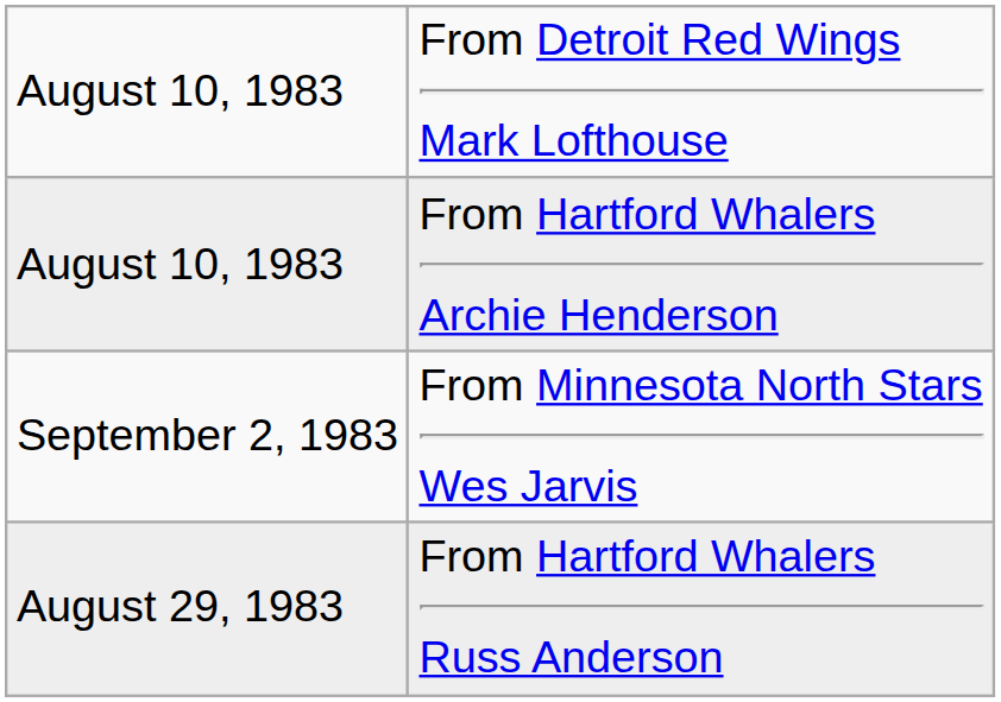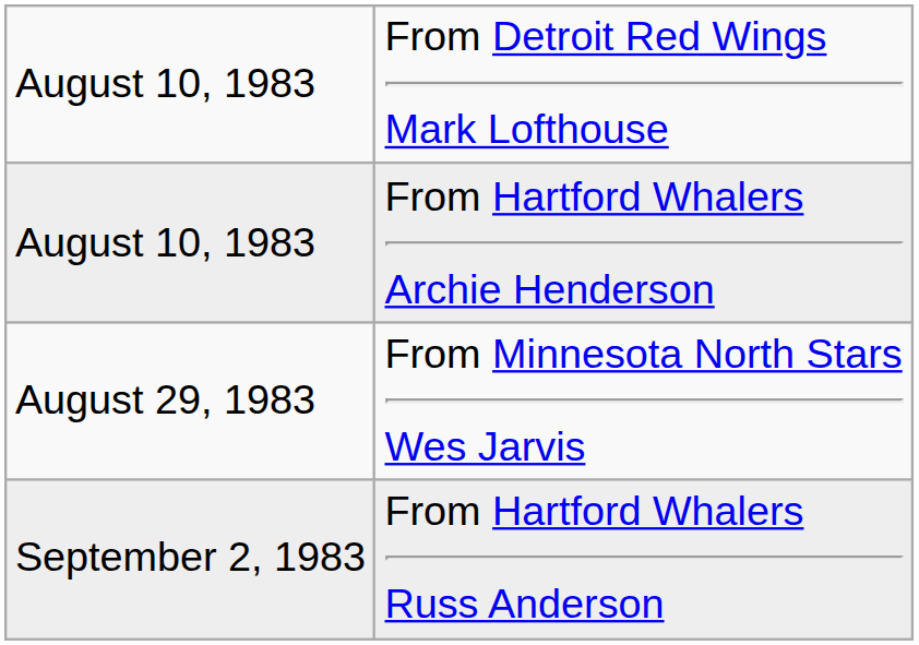 <table class="wikitable">
 <tr>
 <td>August 10, 1983</td>
 <td valign="top">From <a href='#'>Detroit Red Wings</a><hr><a href='#'>Mark Lofthouse</a></td>
 </tr>
 <tr style="background:#eee;">
 <td>August 10, 1983</td>
 <td valign="top">From <a href='#'>Hartford Whalers</a><hr><a href='#'>Archie Henderson</a></td>
 </tr>
 <tr>
-<td>September 2, 1983</td>
+<td>August 29, 1983</td>
 <td valign="top">From <a href='#'>Minnesota North Stars</a><hr><a href='#'>Wes Jarvis</a></td>
 </tr>
 <tr style="background:#eee;">
-<td>August 29, 1983</td>
+<td>September 2, 1983</td>
 <td valign="top">From <a href='#'>Hartford Whalers</a><hr><a href='#'>Russ Anderson</a></td>
 </tr>
 </table>
